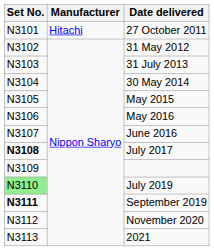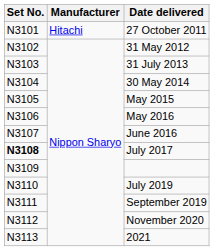 <table class="wikitable">
 <tr>
 <th>Set No.</th>
 <th>Manufacturer</th>
 <th>Date delivered</th>
 </tr>
 <tr>
 <td>N3101</td>
 <td><a href='#'>Hitachi</a></td>
 <td>27 October 2011</td>
 </tr>
 <tr>
 <td>N3102</td>
 <td rowspan="12"><a href='#'>Nippon Sharyo</a></td>
 <td>31 May 2012</td>
 </tr>
 <tr>
 <td>N3103</td>
 <td>31 July 2013</td>
 </tr>
 <tr>
 <td>N3104</td>
 <td>30 May 2014</td>
 </tr>
 <tr>
 <td>N3105</td>
 <td>May 2015</td>
 </tr>
 <tr>
 <td>N3106</td>
 <td>May 2016</td>
 </tr>
 <tr>
 <td>N3107</td>
 <td>June 2016</td>
 </tr>
 <tr>
 <td><strong>N3108</strong></td>
 <td>July 2017</td>
 </tr>
 <tr>
 <td>N3109</td>
 <td></td>
 </tr>
 <tr>
-<td style="background: lightgreen;">N3110</td>
+<td>N3110</td>
 <td>July 2019</td>
 </tr>
 <tr>
-<td><strong>N3111</strong></td>
+<td>N3111</td>
 <td>September 2019</td>
 </tr>
 <tr>
 <td>N3112</td>
 <td>November 2020</td>
 </tr>
 <tr>
 <td>N3113</td>
 <td>2021</td>
 </tr>
 </table>
